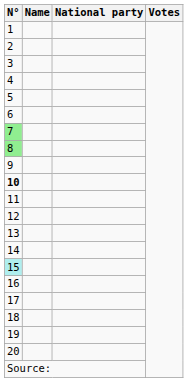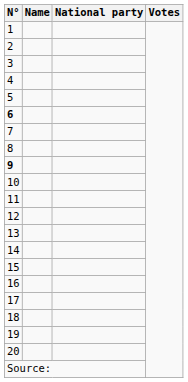 <table class="wikitable sortable" style="font-size:95%;line-height:14px;">
 <tr>
 <th>N°</th>
 <th>Name</th>
 <th colspan="2">National party</th>
 <th>Votes</th>
 </tr>
 <tr>
 <td>1</td>
 <td><em></em></td>
 <td></td>
 </tr>
 <tr>
 <td>2</td>
 <td><em></em></td>
 <td></td>
 </tr>
 <tr>
 <td>3</td>
 <td></td>
 <td></td>
 </tr>
 <tr>
 <td>4</td>
 <td><em></em></td>
 <td></td>
 </tr>
 <tr>
 <td>5</td>
 <td><em></em></td>
 <td></td>
 </tr>
 <tr>
-<td>6</td>
+<td><strong>6</strong></td>
 <td><em></em></td>
 <td></td>
 </tr>
 <tr>
-<td style="background: lightgreen;">7</td>
+<td>7</td>
 <td><em></em></td>
 <td></td>
 </tr>
 <tr>
-<td style="background: lightgreen;">8</td>
+<td>8</td>
 <td></td>
 <td></td>
 </tr>
 <tr>
-<td>9</td>
+<td><strong>9</strong></td>
 <td></td>
 <td></td>
 </tr>
 <tr>
-<td><strong>10</strong></td>
+<td>10</td>
 <td></td>
 <td></td>
 </tr>
 <tr>
 <td>11</td>
 <td></td>
 <td></td>
 </tr>
 <tr>
 <td>12</td>
 <td></td>
 <td></td>
 </tr>
 <tr>
 <td>13</td>
 <td></td>
 <td></td>
 </tr>
 <tr>
 <td>14</td>
 <td></td>
 <td></td>
 </tr>
 <tr>
-<td style="background: paleturquoise;">15</td>
+<td>15</td>
 <td></td>
 <td></td>
 </tr>
 <tr>
 <td>16</td>
 <td></td>
 <td></td>
 </tr>
 <tr>
 <td>17</td>
 <td></td>
 <td></td>
 </tr>
 <tr>
 <td>18</td>
 <td></td>
 <td></td>
 </tr>
 <tr>
 <td>19</td>
 <td></td>
 <td></td>
 </tr>
 <tr>
 <td>20</td>
 <td></td>
 <td></td>
 </tr>
 <tr>
 <td colspan="3">Source: </td>
 </tr>
 </table>
